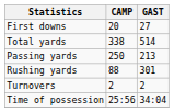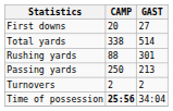 <table class="wikitable">
 <tr>
 <th>Statistics</th>
 <th>CAMP</th>
 <th>GAST</th>
 </tr>
 <tr>
 <td>First downs</td>
 <td>20</td>
 <td>27</td>
 </tr>
 <tr>
 <td>Total yards</td>
 <td>338</td>
 <td>514</td>
 </tr>
 <tr>
+<td>Rushing yards</td>
+<td>88</td>
+<td>301</td>
+</tr>
+<tr>
 <td>Passing yards</td>
 <td>250</td>
 <td>213</td>
-</tr>
-<tr>
-<td>Rushing yards</td>
-<td>88</td>
-<td>301</td>
 </tr>
 <tr>
 <td>Turnovers</td>
 <td>2</td>
 <td>2</td>
 </tr>
 <tr>
 <td>Time of possession</td>
-<td>25:56</td>
+<td><strong>25:56</strong></td>
 <td>34:04</td>
 </tr>
 <tr>
 </tr>
 </table>
